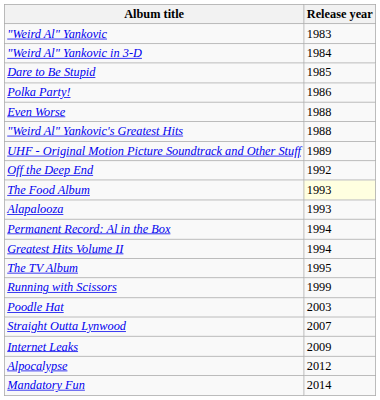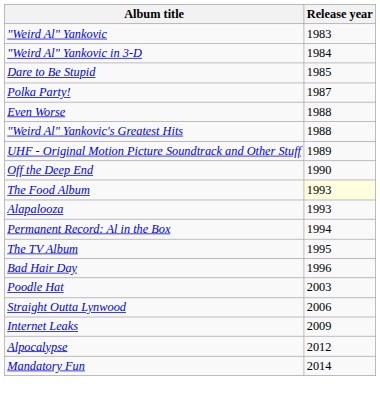 <table class="wikitable">
 <tr bgcolor="#CCCCCC">
 <th>Album title</th>
 <th>Release year</th>
 </tr>
 <tr>
 <td><em><a href='#'>"Weird Al" Yankovic</a></em></td>
 <td>1983</td>
 </tr>
 <tr>
 <td><em><a href='#'>"Weird Al" Yankovic in 3-D</a></em></td>
 <td>1984</td>
 </tr>
 <tr>
 <td><em><a href='#'>Dare to Be Stupid</a></em></td>
 <td>1985</td>
 </tr>
 <tr>
 <td><em><a href='#'>Polka Party!</a></em></td>
-<td>1986</td>
+<td>1987</td>
 </tr>
 <tr>
 <td><em><a href='#'>Even Worse</a></em></td>
 <td>1988</td>
 </tr>
 <tr>
 <td><em><a href='#'>"Weird Al" Yankovic's Greatest Hits</a></em></td>
 <td>1988</td>
 </tr>
 <tr>
 <td><em><a href='#'>UHF - Original Motion Picture Soundtrack and Other Stuff</a></em></td>
 <td>1989</td>
 </tr>
 <tr>
 <td><em><a href='#'>Off the Deep End</a></em></td>
-<td>1992</td>
+<td>1990</td>
 </tr>
 <tr>
 <td><em><a href='#'>The Food Album</a></em></td>
 <td style="background: lightyellow;">1993</td>
 </tr>
 <tr>
 <td><em><a href='#'>Alapalooza</a></em></td>
 <td>1993</td>
 </tr>
 <tr>
 <td><em><a href='#'>Permanent Record: Al in the Box</a></em></td>
 <td>1994</td>
 </tr>
 <tr>
-<td><em><a href='#'>Greatest Hits Volume II</a></em></td>
-<td>1994</td>
-</tr>
-<tr>
 <td><em><a href='#'>The TV Album</a></em></td>
 <td>1995</td>
 </tr>
 <tr>
-<td><em><a href='#'>Running with Scissors</a></em></td>
-<td>1999</td>
+<td><em><a href='#'>Bad Hair Day</a></em></td>
+<td>1996</td>
 </tr>
 <tr>
 <td><em><a href='#'>Poodle Hat</a></em></td>
 <td>2003</td>
 </tr>
 <tr>
 <td><em><a href='#'>Straight Outta Lynwood</a></em></td>
-<td>2007</td>
+<td>2006</td>
 </tr>
 <tr>
 <td><em><a href='#'>Internet Leaks</a></em></td>
 <td>2009</td>
 </tr>
 <tr>
 <td><em><a href='#'>Alpocalypse</a></em></td>
 <td>2012</td>
 </tr>
 <tr>
 <td><em><a href='#'>Mandatory Fun</a></em></td>
 <td>2014</td>
 </tr>
 </table>
